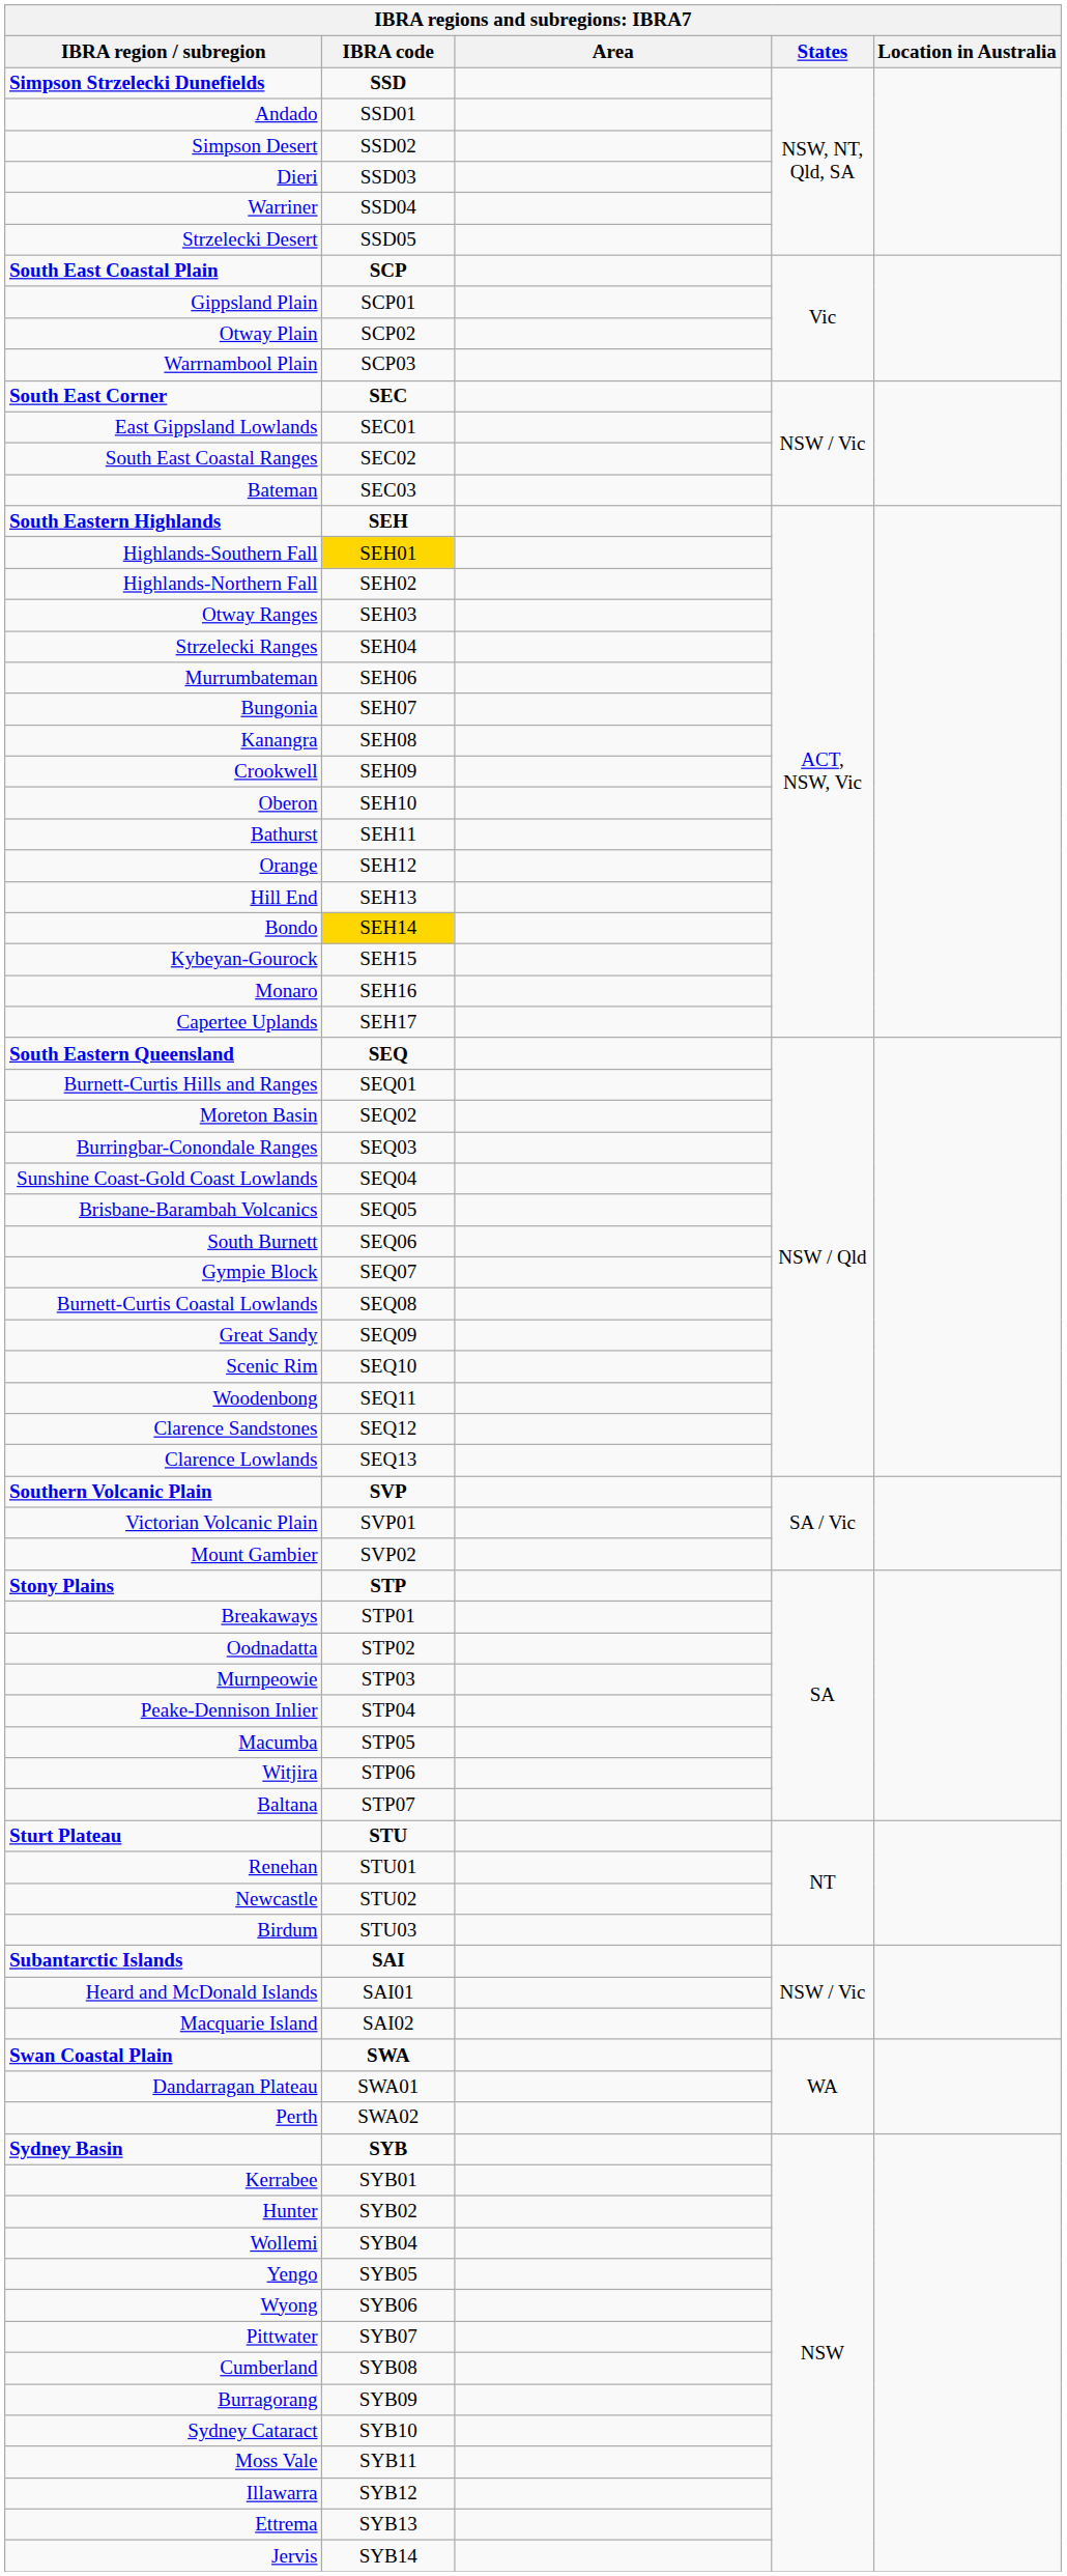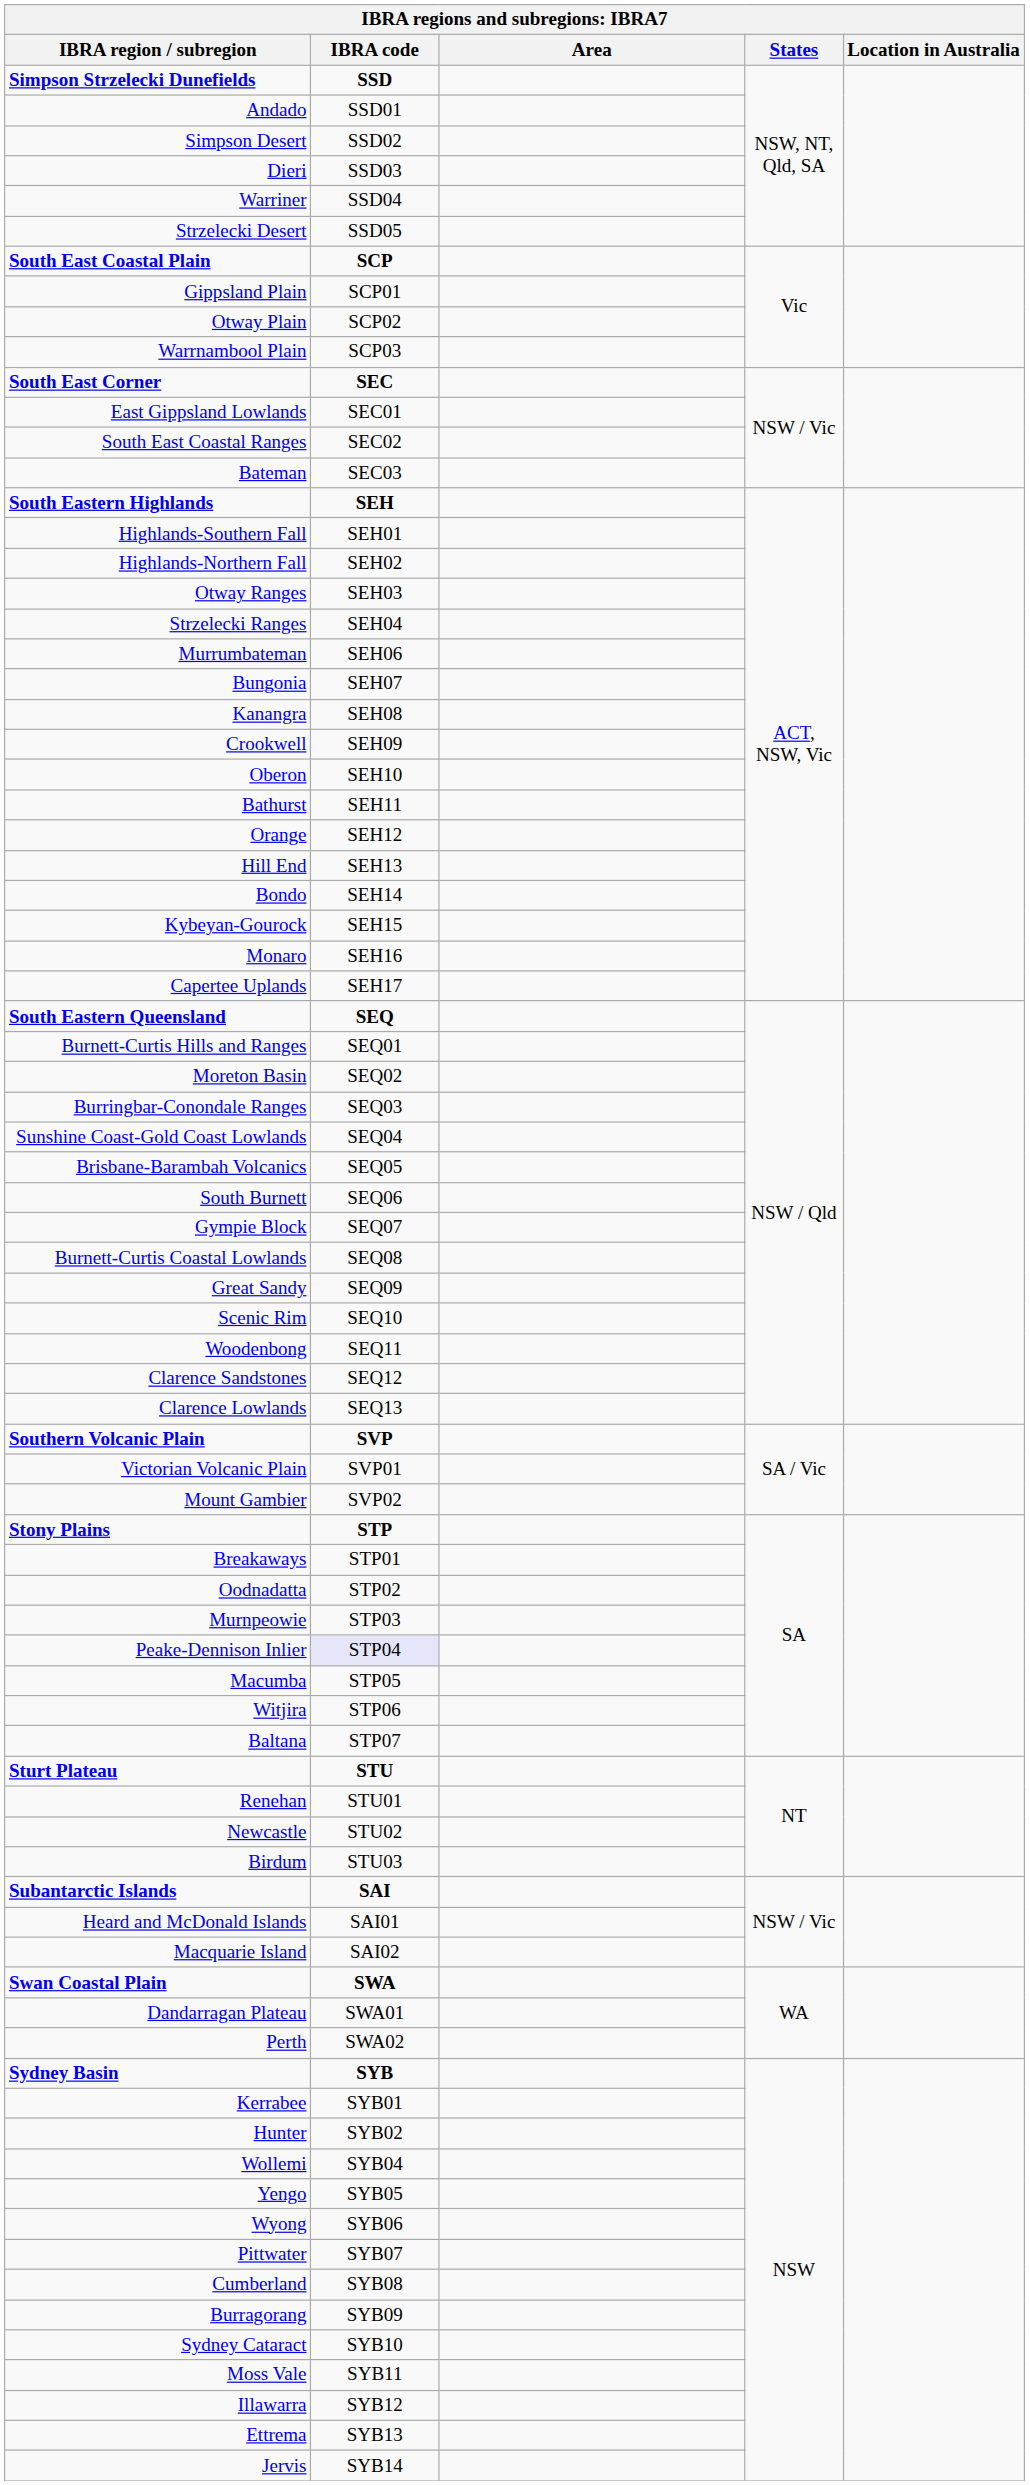 <table class="wikitable sortable">
 <tr>
 <th rowwidth=100px colspan=5>IBRA regions and subregions: IBRA7</th>
 </tr>
 <tr>
 <th scope="col" style="width:250px;">IBRA region / subregion</th>
 <th scope="col" style="width:100px;">IBRA code</th>
 <th scope="col" style="width:250px;">Area</th>
 <th scope="col" style="width:75px;"><a href='#'>States</a></th>
 <th>Location in Australia</th>
 </tr>
 <tr>
 <td><strong><a href='#'>Simpson Strzelecki Dunefields</a></strong></td>
 <td style="text-align:center;"><strong>SSD</strong></td>
 <td align="right"><strong></strong></td>
 <td style="text-align:center;" rowspan="6">NSW, NT, Qld, SA</td>
 <td style="text-align:center;" rowspan="6"></td>
 </tr>
 <tr>
 <td align="right"><a href='#'>Andado</a></td>
 <td style="text-align:center;">SSD01</td>
 <td align="right"></td>
 </tr>
 <tr>
 <td align="right"><a href='#'>Simpson Desert</a></td>
 <td style="text-align:center;">SSD02</td>
 <td align="right"></td>
 </tr>
 <tr>
 <td align="right"><a href='#'>Dieri</a></td>
 <td style="text-align:center;">SSD03</td>
 <td align="right"></td>
 </tr>
 <tr>
 <td align="right"><a href='#'>Warriner</a></td>
 <td style="text-align:center;">SSD04</td>
 <td align="right"></td>
 </tr>
 <tr>
 <td align="right"><a href='#'>Strzelecki Desert</a></td>
 <td style="text-align:center;">SSD05</td>
 <td align="right"></td>
 </tr>
 <tr>
 <td><strong><a href='#'>South East Coastal Plain</a></strong></td>
 <td style="text-align:center;"><strong>SCP</strong></td>
 <td align="right"><strong></strong></td>
 <td style="text-align:center;" rowspan="4">Vic</td>
 <td style="text-align:center;" rowspan="4"></td>
 </tr>
 <tr>
 <td align="right"><a href='#'>Gippsland Plain</a></td>
 <td style="text-align:center;">SCP01</td>
 <td align="right"></td>
 </tr>
 <tr>
 <td align="right"><a href='#'>Otway Plain</a></td>
 <td style="text-align:center;">SCP02</td>
 <td align="right"></td>
 </tr>
 <tr>
 <td align="right"><a href='#'>Warrnambool Plain</a></td>
 <td style="text-align:center;">SCP03</td>
 <td align="right"></td>
 </tr>
 <tr>
 <td><strong><a href='#'>South East Corner</a></strong></td>
 <td style="text-align:center;"><strong>SEC</strong></td>
 <td align="right"><strong></strong></td>
 <td style="text-align:center;" rowspan="4">NSW / Vic</td>
 <td style="text-align:center;" rowspan="4"></td>
 </tr>
 <tr>
 <td align="right"><a href='#'>East Gippsland Lowlands</a></td>
 <td style="text-align:center;">SEC01</td>
 <td align="right"></td>
 </tr>
 <tr>
 <td align="right"><a href='#'>South East Coastal Ranges</a></td>
 <td style="text-align:center;">SEC02</td>
 <td align="right"></td>
 </tr>
 <tr>
 <td align="right"><a href='#'>Bateman</a></td>
 <td style="text-align:center;">SEC03</td>
 <td align="right"></td>
 </tr>
 <tr>
 <td><strong><a href='#'>South Eastern Highlands</a></strong></td>
 <td style="text-align:center;"><strong>SEH</strong></td>
 <td align="right"><strong></strong></td>
 <td style="text-align:center;" rowspan="17"><a href='#'>ACT</a>, NSW, Vic</td>
 <td style="text-align:center;" rowspan="17"></td>
 </tr>
 <tr>
 <td align="right"><a href='#'>Highlands-Southern Fall</a></td>
-<td style="background: gold; text-align:center;">SEH01</td>
+<td style="text-align:center;">SEH01</td>
 <td align="right"></td>
 </tr>
 <tr>
 <td align="right"><a href='#'>Highlands-Northern Fall</a></td>
 <td style="text-align:center;">SEH02</td>
 <td align="right"></td>
 </tr>
 <tr>
 <td align="right"><a href='#'>Otway Ranges</a></td>
 <td style="text-align:center;">SEH03</td>
 <td align="right"></td>
 </tr>
 <tr>
 <td align="right"><a href='#'>Strzelecki Ranges</a></td>
 <td style="text-align:center;">SEH04</td>
 <td align="right"></td>
 </tr>
 <tr>
 <td align="right"><a href='#'>Murrumbateman</a></td>
 <td style="text-align:center;">SEH06</td>
 <td align="right"></td>
 </tr>
 <tr>
 <td align="right"><a href='#'>Bungonia</a></td>
 <td style="text-align:center;">SEH07</td>
 <td align="right"></td>
 </tr>
 <tr>
 <td align="right"><a href='#'>Kanangra</a></td>
 <td style="text-align:center;">SEH08</td>
 <td align="right"></td>
 </tr>
 <tr>
 <td align="right"><a href='#'>Crookwell</a></td>
 <td style="text-align:center;">SEH09</td>
 <td align="right"></td>
 </tr>
 <tr>
 <td align="right"><a href='#'>Oberon</a></td>
 <td style="text-align:center;">SEH10</td>
 <td align="right"></td>
 </tr>
 <tr>
 <td align="right"><a href='#'>Bathurst</a></td>
 <td style="text-align:center;">SEH11</td>
 <td align="right"></td>
 </tr>
 <tr>
 <td align="right"><a href='#'>Orange</a></td>
 <td style="text-align:center;">SEH12</td>
 <td align="right"></td>
 </tr>
 <tr>
 <td align="right"><a href='#'>Hill End</a></td>
 <td style="text-align:center;">SEH13</td>
 <td align="right"></td>
 </tr>
 <tr>
 <td align="right"><a href='#'>Bondo</a></td>
-<td style="background: gold; text-align:center;">SEH14</td>
+<td style="text-align:center;">SEH14</td>
 <td align="right"></td>
 </tr>
 <tr>
 <td align="right"><a href='#'>Kybeyan-Gourock</a></td>
 <td style="text-align:center;">SEH15</td>
 <td align="right"></td>
 </tr>
 <tr>
 <td align="right"><a href='#'>Monaro</a></td>
 <td style="text-align:center;">SEH16</td>
 <td align="right"></td>
 </tr>
 <tr>
 <td align="right"><a href='#'>Capertee Uplands</a></td>
 <td style="text-align:center;">SEH17</td>
 <td align="right"></td>
 </tr>
 <tr>
 <td><strong><a href='#'>South Eastern Queensland</a></strong></td>
 <td style="text-align:center;"><strong>SEQ</strong></td>
 <td align="right"><strong></strong></td>
 <td style="text-align:center;" rowspan="14">NSW / Qld</td>
 <td style="text-align:center;" rowspan="14"></td>
 </tr>
 <tr>
 <td align="right"><a href='#'>Burnett-Curtis Hills and Ranges</a></td>
 <td style="text-align:center;">SEQ01</td>
 <td align="right"></td>
 </tr>
 <tr>
 <td align="right"><a href='#'>Moreton Basin</a></td>
 <td style="text-align:center;">SEQ02</td>
 <td align="right"></td>
 </tr>
 <tr>
 <td align="right"><a href='#'>Burringbar-Conondale Ranges</a></td>
 <td style="text-align:center;">SEQ03</td>
 <td align="right"></td>
 </tr>
 <tr>
 <td align="right"><a href='#'>Sunshine Coast-Gold Coast Lowlands</a></td>
 <td style="text-align:center;">SEQ04</td>
 <td align="right"></td>
 </tr>
 <tr>
 <td align="right"><a href='#'>Brisbane-Barambah Volcanics</a></td>
 <td style="text-align:center;">SEQ05</td>
 <td align="right"></td>
 </tr>
 <tr>
 <td align="right"><a href='#'>South Burnett</a></td>
 <td style="text-align:center;">SEQ06</td>
 <td align="right"></td>
 </tr>
 <tr>
 <td align="right"><a href='#'>Gympie Block</a></td>
 <td style="text-align:center;">SEQ07</td>
 <td align="right"></td>
 </tr>
 <tr>
 <td align="right"><a href='#'>Burnett-Curtis Coastal Lowlands</a></td>
 <td style="text-align:center;">SEQ08</td>
 <td align="right"></td>
 </tr>
 <tr>
 <td align="right"><a href='#'>Great Sandy</a></td>
 <td style="text-align:center;">SEQ09</td>
 <td align="right"></td>
 </tr>
 <tr>
 <td align="right"><a href='#'>Scenic Rim</a></td>
 <td style="text-align:center;">SEQ10</td>
 <td align="right"></td>
 </tr>
 <tr>
 <td align="right"><a href='#'>Woodenbong</a></td>
 <td style="text-align:center;">SEQ11</td>
 <td align="right"></td>
 </tr>
 <tr>
 <td align="right"><a href='#'>Clarence Sandstones</a></td>
 <td style="text-align:center;">SEQ12</td>
 <td align="right"></td>
 </tr>
 <tr>
 <td align="right"><a href='#'>Clarence Lowlands</a></td>
 <td style="text-align:center;">SEQ13</td>
 <td align="right"></td>
 </tr>
 <tr>
 <td><strong><a href='#'>Southern Volcanic Plain</a></strong></td>
 <td style="text-align:center;"><strong>SVP</strong></td>
 <td align="right"><strong></strong></td>
 <td style="text-align:center;" rowspan="3">SA / Vic</td>
 <td style="text-align:center;" rowspan="3"></td>
 </tr>
 <tr>
 <td align="right"><a href='#'>Victorian Volcanic Plain</a></td>
 <td style="text-align:center;">SVP01</td>
 <td align="right"></td>
 </tr>
 <tr>
 <td align="right"><a href='#'>Mount Gambier</a></td>
 <td style="text-align:center;">SVP02</td>
 <td align="right"></td>
 </tr>
 <tr>
 <td><strong><a href='#'>Stony Plains</a></strong></td>
 <td style="text-align:center;"><strong>STP</strong></td>
 <td align="right"><strong></strong></td>
 <td style="text-align:center;" rowspan="8">SA</td>
 <td style="text-align:center;" rowspan="8"></td>
 </tr>
 <tr>
 <td align="right"><a href='#'>Breakaways</a></td>
 <td style="text-align:center;">STP01</td>
 <td align="right"></td>
 </tr>
 <tr>
 <td align="right"><a href='#'>Oodnadatta</a></td>
 <td style="text-align:center;">STP02</td>
 <td align="right"></td>
 </tr>
 <tr>
 <td align="right"><a href='#'>Murnpeowie</a></td>
 <td style="text-align:center;">STP03</td>
 <td align="right"></td>
 </tr>
 <tr>
 <td align="right"><a href='#'>Peake-Dennison Inlier</a></td>
-<td style="text-align:center;">STP04</td>
+<td style="background: lavender; text-align:center;">STP04</td>
 <td align="right"></td>
 </tr>
 <tr>
 <td align="right"><a href='#'>Macumba</a></td>
 <td style="text-align:center;">STP05</td>
 <td align="right"></td>
 </tr>
 <tr>
 <td align="right"><a href='#'>Witjira</a></td>
 <td style="text-align:center;">STP06</td>
 <td align="right"></td>
 </tr>
 <tr>
 <td align="right"><a href='#'>Baltana</a></td>
 <td style="text-align:center;">STP07</td>
 <td align="right"></td>
 </tr>
 <tr>
 <td><strong><a href='#'>Sturt Plateau</a></strong></td>
 <td style="text-align:center;"><strong>STU</strong></td>
 <td align="right"><strong></strong></td>
 <td style="text-align:center;" rowspan="4">NT</td>
 <td style="text-align:center;" rowspan="4"></td>
 </tr>
 <tr>
 <td align="right"><a href='#'>Renehan</a></td>
 <td style="text-align:center;">STU01</td>
 <td align="right"></td>
 </tr>
 <tr>
 <td align="right"><a href='#'>Newcastle</a></td>
 <td style="text-align:center;">STU02</td>
 <td align="right"></td>
 </tr>
 <tr>
 <td align="right"><a href='#'>Birdum</a></td>
 <td style="text-align:center;">STU03</td>
 <td align="right"></td>
 </tr>
 <tr>
 <td><strong><a href='#'>Subantarctic Islands</a></strong></td>
 <td style="text-align:center;"><strong>SAI</strong></td>
 <td align="right"><strong></strong></td>
 <td style="text-align:center;" rowspan="3">NSW / Vic</td>
 <td style="text-align:center;" rowspan="3"></td>
 </tr>
 <tr>
 <td align="right"><a href='#'>Heard and McDonald Islands</a></td>
 <td style="text-align:center;">SAI01</td>
 <td align="right"></td>
 </tr>
 <tr>
 <td align="right"><a href='#'>Macquarie Island</a></td>
 <td style="text-align:center;">SAI02</td>
 <td align="right"></td>
 </tr>
 <tr>
 <td><strong><a href='#'>Swan Coastal Plain</a></strong></td>
 <td style="text-align:center;"><strong>SWA</strong></td>
 <td align="right"><strong></strong></td>
 <td style="text-align:center;" rowspan="3">WA</td>
 <td style="text-align:center;" rowspan="3"></td>
 </tr>
 <tr>
 <td align="right"><a href='#'>Dandarragan Plateau</a></td>
 <td style="text-align:center;">SWA01</td>
 <td align="right"></td>
 </tr>
 <tr>
 <td align="right"><a href='#'>Perth</a></td>
 <td style="text-align:center;">SWA02</td>
 <td align="right"></td>
 </tr>
 <tr>
 <td><strong><a href='#'>Sydney Basin</a></strong></td>
 <td style="text-align:center;"><strong>SYB</strong></td>
 <td align="right"><strong></strong></td>
 <td style="text-align:center;" rowspan="14">NSW</td>
 <td style="text-align:center;" rowspan="14"></td>
 </tr>
 <tr>
 <td align="right"><a href='#'>Kerrabee</a></td>
 <td style="text-align:center;">SYB01</td>
 <td align="right"></td>
 </tr>
 <tr>
 <td align="right"><a href='#'>Hunter</a></td>
 <td style="text-align:center;">SYB02</td>
 <td align="right"></td>
 </tr>
 <tr>
 <td align="right"><a href='#'>Wollemi</a></td>
 <td style="text-align:center;">SYB04</td>
 <td align="right"></td>
 </tr>
 <tr>
 <td align="right"><a href='#'>Yengo</a></td>
 <td style="text-align:center;">SYB05</td>
 <td align="right"></td>
 </tr>
 <tr>
 <td align="right"><a href='#'>Wyong</a></td>
 <td style="text-align:center;">SYB06</td>
 <td align="right"></td>
 </tr>
 <tr>
 <td align="right"><a href='#'>Pittwater</a></td>
 <td style="text-align:center;">SYB07</td>
 <td align="right"></td>
 </tr>
 <tr>
 <td align="right"><a href='#'>Cumberland</a></td>
 <td style="text-align:center;">SYB08</td>
 <td align="right"></td>
 </tr>
 <tr>
 <td align="right"><a href='#'>Burragorang</a></td>
 <td style="text-align:center;">SYB09</td>
 <td align="right"></td>
 </tr>
 <tr>
 <td align="right"><a href='#'>Sydney Cataract</a></td>
 <td style="text-align:center;">SYB10</td>
 <td align="right"></td>
 </tr>
 <tr>
 <td align="right"><a href='#'>Moss Vale</a></td>
 <td style="text-align:center;">SYB11</td>
 <td align="right"></td>
 </tr>
 <tr>
 <td align="right"><a href='#'>Illawarra</a></td>
 <td style="text-align:center;">SYB12</td>
 <td align="right"></td>
 </tr>
 <tr>
 <td align="right"><a href='#'>Ettrema</a></td>
 <td style="text-align:center;">SYB13</td>
 <td align="right"></td>
 </tr>
 <tr>
 <td align="right"><a href='#'>Jervis</a></td>
 <td style="text-align:center;">SYB14</td>
 <td align="right"></td>
 </tr>
 </table>
